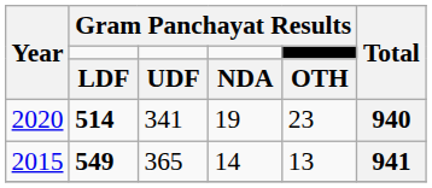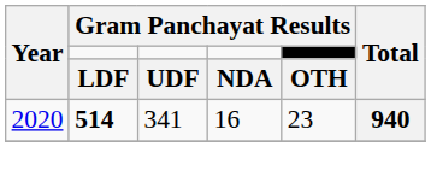 <table class="wikitable">
 <tr>
 <th rowspan="3">Year</th>
 <th colspan="4">Gram Panchayat Results</th>
 <th rowspan="3">Total</th>
 </tr>
 <tr>
 <td style="background:"></td>
 <td style="background:"></td>
 <td style="background:"></td>
 <td style="background:black"></td>
 </tr>
 <tr>
 <th>LDF</th>
 <th>UDF</th>
 <th>NDA</th>
 <th>OTH</th>
 </tr>
 <tr>
 <td><a href='#'>2020</a></td>
 <td><strong>514</strong></td>
 <td>341</td>
-<td>19</td>
+<td>16</td>
 <td>23</td>
 <th>940</th>
 </tr>
 <tr>
-<td><a href='#'>2015</a></td>
-<td><strong>549</strong></td>
-<td>365</td>
-<td>14</td>
-<td>13</td>
-<th>941</th>
-</tr>
-<tr>
 </tr>
 </table>
